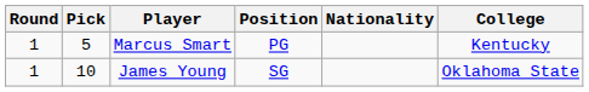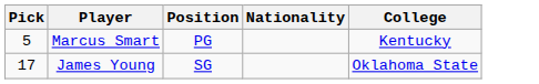 <table class="wikitable sortable sortable">
 <tr>
-<th>Round</th>
 <th>Pick</th>
 <th>Player</th>
 <th>Position</th>
 <th>Nationality</th>
 <th>College</th>
 </tr>
 <tr style="text-align: center">
-<td>1</td>
 <td>5</td>
 <td><a href='#'>Marcus Smart</a></td>
 <td><a href='#'>PG</a></td>
 <td></td>
 <td><a href='#'>Kentucky</a></td>
 </tr>
 <tr style="text-align: center">
-<td>1</td>
-<td>10</td>
+<td>17</td>
 <td><a href='#'>James Young</a></td>
 <td><a href='#'>SG</a></td>
 <td></td>
 <td><a href='#'>Oklahoma State</a></td>
 </tr>
 </table>
